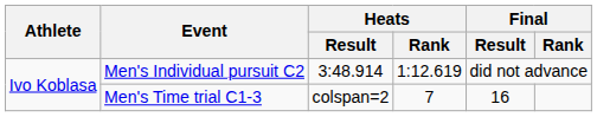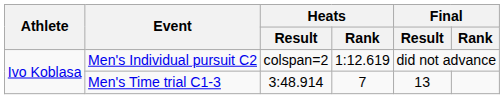 <table class=wikitable style="font-size:90%">
 <tr>
 <th rowspan="2">Athlete</th>
 <th rowspan="2">Event</th>
 <th colspan="2">Heats</th>
 <th colspan="2">Final</th>
 </tr>
 <tr>
 <th>Result</th>
 <th>Rank</th>
 <th>Result</th>
 <th>Rank</th>
 </tr>
 <tr align=center>
 <td align=left rowspan=2><a href='#'>Ivo Koblasa</a></td>
 <td align=left><a href='#'>Men's Individual pursuit C2</a></td>
-<td>3:48.914</td>
+<td>colspan=2 </td>
 <td>1:12.619</td>
 <td colspan=2>did not advance</td>
 </tr>
 <tr align=center>
 <td align=left><a href='#'>Men's Time trial C1-3</a></td>
-<td>colspan=2 </td>
+<td>3:48.914</td>
 <td>7</td>
-<td>16</td>
+<td>13</td>
 </tr>
 </table>
